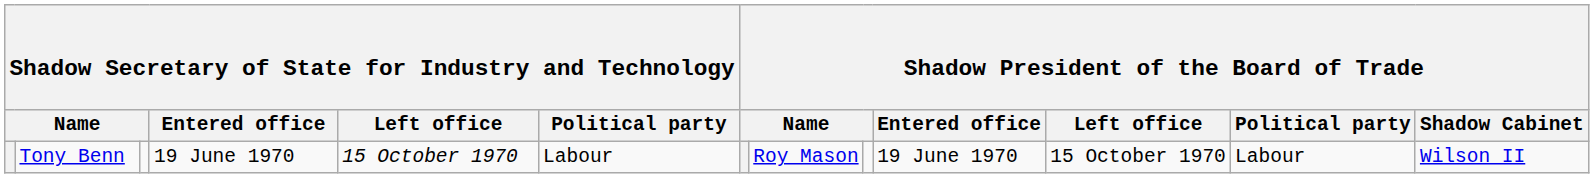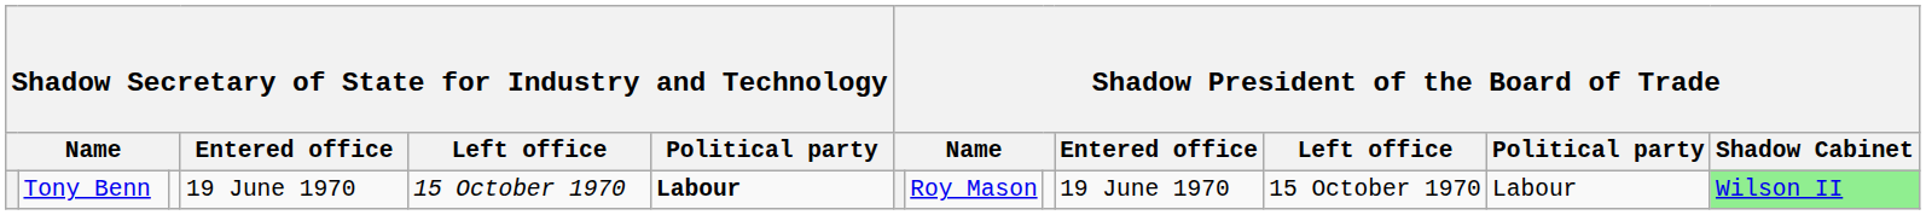 <table class="wikitable">
 <tr>
 <th colspan=6><br><h3>Shadow Secretary of State for Industry and Technology</h3></th>
 <th colspan=7><br><h3>Shadow President of the Board of Trade</h3></th>
 </tr>
 <tr>
 <th colspan=3>Name</th>
 <th>Entered office</th>
 <th>Left office</th>
 <th>Political party</th>
 <th colspan=3>Name</th>
 <th>Entered office</th>
 <th>Left office</th>
 <th>Political party</th>
 <th>Shadow Cabinet</th>
 </tr>
 <tr>
 <th style="background-color: "></th>
 <td><a href='#'>Tony Benn</a></td>
 <td></td>
 <td>19 June 1970</td>
 <td><em>15 October 1970</em></td>
-<td>Labour</td>
+<td><strong>Labour</strong></td>
 <th style="background-color: "></th>
 <td><a href='#'>Roy Mason</a></td>
 <td></td>
 <td>19 June 1970</td>
 <td>15 October 1970</td>
 <td>Labour</td>
-<td><a href='#'>Wilson II</a></td>
+<td style="background: lightgreen;"><a href='#'>Wilson II</a></td>
 </tr>
 </table>
